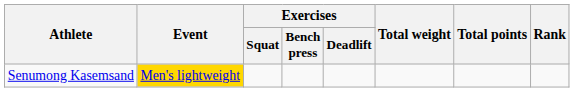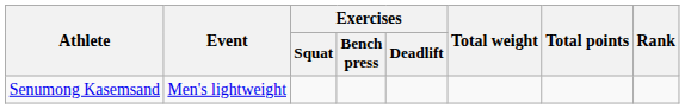 <table class=wikitable style="font-size:90%">
 <tr>
 <th rowspan="2">Athlete</th>
 <th rowspan="2">Event</th>
 <th colspan="3">Exercises</th>
 <th rowspan="2">Total weight</th>
 <th rowspan="2">Total points</th>
 <th rowspan="2">Rank</th>
 </tr>
 <tr style="font-size:95%">
 <th>Squat</th>
 <th>Bench<br>press</th>
 <th>Deadlift</th>
 </tr>
 <tr align=center>
 <td align=left><a href='#'>Senumong Kasemsand</a></td>
-<td align=left style="background: gold;"><a href='#'>Men's lightweight</a></td>
+<td align=left><a href='#'>Men's lightweight</a></td>
 <td></td>
 <td></td>
 <td></td>
 <td></td>
 <td></td>
 <td></td>
 </tr>
 </table>
